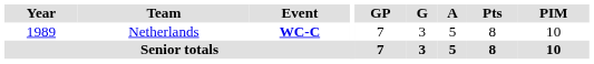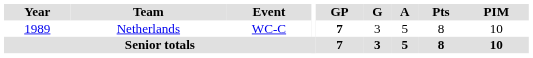 <table border="0" cellpadding="1" cellspacing="0" ID="Table3" style="text-align:center; width:40em;">
 <tr bgcolor="#e0e0e0">
 <th>Year</th>
 <th>Team</th>
 <th>Event</th>
 <th rowspan="102" bgcolor="#ffffff"></th>
 <th>GP</th>
 <th>G</th>
 <th>A</th>
 <th>Pts</th>
 <th>PIM</th>
 </tr>
 <tr>
 <td><a href='#'>1989</a></td>
 <td><a href='#'>Netherlands</a></td>
-<td><strong><a href='#'>WC-C</a></strong></td>
-<td>7</td>
+<td><a href='#'>WC-C</a></td>
+<td><strong>7</strong></td>
 <td>3</td>
 <td>5</td>
 <td>8</td>
 <td>10</td>
 </tr>
 <tr bgcolor="#e0e0e0">
 <th colspan="4">Senior totals</th>
 <th>7</th>
 <th>3</th>
 <th>5</th>
 <th>8</th>
 <th>10</th>
 </tr>
 </table>
